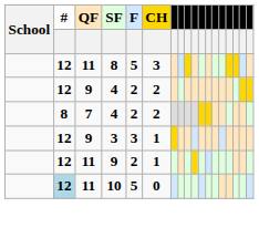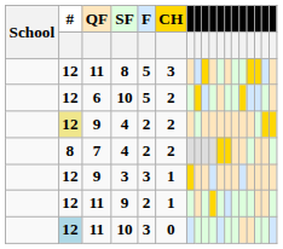 <table class="wikitable sortable sticky-table-head sticky-table-col1" style="font-size:90%; text-align: center;">
 <tr>
 <th rowspan=2>School</th>
 <th style="background: #FFFFFF;">#</th>
 <th style="background: #FFE6BD;">QF</th>
 <th style="background: #ddffdd;">SF</th>
 <th style="background: #D0E7FF;">F</th>
 <th style="background: gold;">CH</th>
 <th style="background: #000000;"><a href='#'></a></th>
 <th style="background: #000000;"><a href='#'></a></th>
 <th style="background: #000000;"><a href='#'></a></th>
 <th style="background: #000000;"><a href='#'></a></th>
 <th style="background: #000000;"><a href='#'></a></th>
 <th style="background: #000000;"><a href='#'></a></th>
 <th style="background: #000000;"><a href='#'></a></th>
 <th style="background: #000000;"><a href='#'></a></th>
 <th style="background: #000000;"><a href='#'></a></th>
 <th style="background: #000000;"><a href='#'></a></th>
 <th style="background: #000000;"><a href='#'></a></th>
 <th style="background: #000000;"><a href='#'></a></th>
 </tr>
 <tr>
 <th class="sticky-table-none"><br></th>
 <th></th>
 <th></th>
 <th></th>
 <th></th>
 <th></th>
 <th></th>
 <th></th>
 <th></th>
 <th></th>
 <th></th>
 <th></th>
 <th></th>
 <th></th>
 <th></th>
 <th></th>
 <th></th>
 </tr>
 <tr>
 <td><strong></strong></td>
 <td><strong>12</strong></td>
 <td><strong>11</strong></td>
 <td><strong>8</strong></td>
 <td><strong>5</strong></td>
 <td><strong>3</strong></td>
 <td style="background:#FFE6BD"><strong></strong></td>
 <td style="background:#D0E7FF"><strong></strong></td>
 <td style="background:gold;"><strong></strong></td>
 <td style="background:#FFE6BD"><strong></strong></td>
 <td style="background:#ddffdd"><strong></strong></td>
 <td style="background:#FFE6BD"><strong></strong></td>
 <td style="background:#ddffdd"><strong></strong></td>
 <td style="background:#ddffdd"><strong></strong></td>
 <td style="background:gold;"><strong></strong></td>
 <td style="background:gold;"><strong></strong></td>
 <td style="background:#D0E7FF"><strong></strong></td>
 <td style="background:#FFE6BD"><strong></strong></td>
 </tr>
 <tr>
 <td><strong></strong></td>
 <td><strong>12</strong></td>
+<td><strong>6</strong></td>
+<td><strong>10</strong></td>
+<td><strong>5</strong></td>
+<td><strong>2</strong></td>
+<td style="background:#ddffdd"><strong></strong></td>
+<td style="background:gold;"><strong></strong></td>
+<td style="background:#D0E7FF"><strong></strong></td>
+<td style="background:#ddffdd"><strong></strong></td>
+<td style="background:#FFE6BD"><strong></strong></td>
+<td style="background:#ddffdd"><strong></strong></td>
+<td style="background:#ddffdd"><strong></strong></td>
+<td style="background:gold;"><strong></strong></td>
+<td style="background:#D0E7FF"><strong></strong></td>
+<td style="background:#D0E7FF"><strong></strong></td>
+<td style="background:#ddffdd"><strong></strong></td>
+<td style="background:#FFE6BD"><strong></strong></td>
+</tr>
+<tr>
+<td><strong></strong></td>
+<td style="background: khaki;"><strong>12</strong></td>
 <td><strong>9</strong></td>
 <td><strong>4</strong></td>
 <td><strong>2</strong></td>
 <td><strong>2</strong></td>
 <td style="background:#FFE6BD"><strong></strong></td>
 <td style="background:#ddffdd"><strong></strong></td>
 <td style="background:#FFE6BD"><strong></strong></td>
 <td style="background:#FFE6BD"><strong></strong></td>
 <td style="background:#FFE6BD"><strong></strong></td>
 <td style="background:#FFE6BD"><strong></strong></td>
 <td style="background:#FFE6BD"><strong></strong></td>
 <td style="background:#FFE6BD"><strong></strong></td>
 <td style="background:#FFE6BD"><strong></strong></td>
 <td style="background:#ddffdd"><strong></strong></td>
 <td style="background:gold;"><strong></strong></td>
 <td style="background:gold;"><strong></strong></td>
 </tr>
 <tr>
 <td><strong></strong></td>
 <td><strong>8</strong></td>
 <td><strong>7</strong></td>
 <td><strong>4</strong></td>
 <td><strong>2</strong></td>
 <td><strong>2</strong></td>
 <td style="background:#dddddd"><strong></strong></td>
 <td style="background:#dddddd"><strong></strong></td>
 <td style="background:#dddddd"><strong></strong></td>
 <td style="background:#dddddd"><strong></strong></td>
 <td style="background:gold;"><strong></strong></td>
 <td style="background:gold;"><strong></strong></td>
 <td style="background:#FFE6BD"><strong></strong></td>
 <td style="background:#FFE6BD"><strong></strong></td>
 <td style="background:#ddffdd"><strong></strong></td>
 <td style="background:#FFE6BD"><strong></strong></td>
 <td style="background:#FFE6BD"><strong></strong></td>
 <td style="background:#ddffdd"><strong></strong></td>
 </tr>
 <tr>
 <td><strong></strong></td>
 <td><strong>12</strong></td>
 <td><strong>9</strong></td>
 <td><strong>3</strong></td>
 <td><strong>3</strong></td>
 <td><strong>1</strong></td>
 <td style="background:gold;"><strong></strong></td>
 <td style="background:#FFE6BD"><strong></strong></td>
 <td style="background:#FFE6BD"><strong></strong></td>
 <td style="background:#D0E7FF"><strong></strong></td>
 <td style="background:#FFE6BD"><strong></strong></td>
 <td style="background:#FFE6BD"><strong></strong></td>
 <td style="background:#FFE6BD"><strong></strong></td>
 <td style="background:#D0E7FF"><strong></strong></td>
 <td style="background:#FFE6BD"><strong></strong></td>
 <td style="background:#FFE6BD"><strong></strong></td>
 <td style="background:#FFE6BD"><strong></strong></td>
 <td style="background:#FFE6BD"><strong></strong></td>
 </tr>
 <tr>
 <td><strong></strong></td>
 <td><strong>12</strong></td>
 <td><strong>11</strong></td>
 <td><strong>9</strong></td>
 <td><strong>2</strong></td>
 <td><strong>1</strong></td>
 <td style="background:#ddffdd"><strong></strong></td>
 <td style="background:#FFE6BD"><strong></strong></td>
 <td style="background:#ddffdd"><strong></strong></td>
 <td style="background:gold;"><strong></strong></td>
 <td style="background:#ddffdd"><strong></strong></td>
 <td style="background:#D0E7FF"><strong></strong></td>
 <td style="background:#ddffdd"><strong></strong></td>
 <td style="background:#ddffdd"><strong></strong></td>
 <td style="background:#ddffdd"><strong></strong></td>
 <td style="background:#FFE6BD"><strong></strong></td>
 <td style="background:#FFE6BD"><strong></strong></td>
 <td style="background:#ddffdd"><strong></strong></td>
 </tr>
 <tr>
 <td><strong></strong></td>
 <td style="background: lightblue;"><strong>12</strong></td>
 <td><strong>11</strong></td>
 <td><strong>10</strong></td>
-<td><strong>5</strong></td>
+<td><strong>3</strong></td>
 <td><strong>0</strong></td>
 <td style="background:#D0E7FF"><strong></strong></td>
 <td style="background:#ddffdd"><strong></strong></td>
 <td style="background:#ddffdd"><strong></strong></td>
 <td style="background:#ddffdd"><strong></strong></td>
 <td style="background:#D0E7FF"><strong></strong></td>
 <td style="background:#ddffdd"><strong></strong></td>
 <td style="background:#ddffdd"><strong></strong></td>
 <td style="background:#FFE6BD"><strong></strong></td>
 <td style="background:#FFE6BD"><strong></strong></td>
 <td style="background:#ddffdd"><strong></strong></td>
 <td style="background:#ddffdd"><strong></strong></td>
 <td style="background:#D0E7FF"><strong></strong></td>
 </tr>
 </table>
